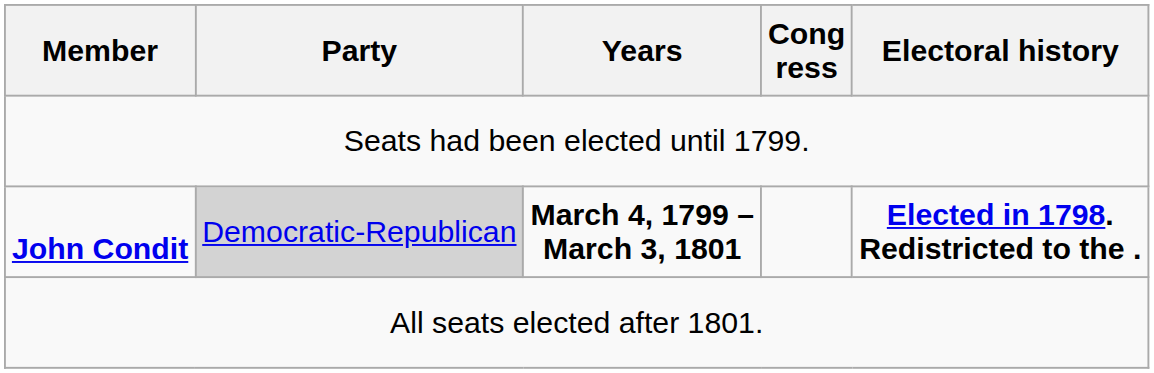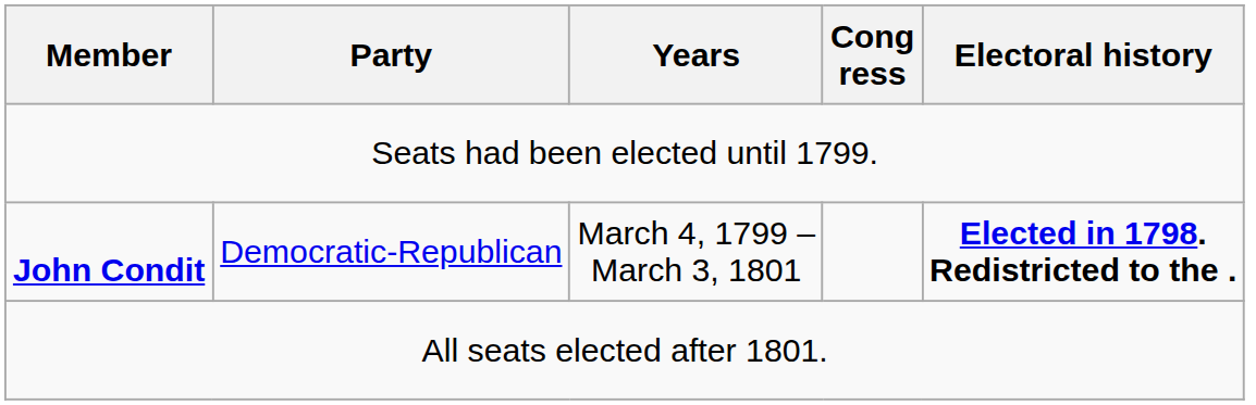 <table class=wikitable style="text-align:center">
 <tr style="height:3em">
 <th>Member<br></th>
 <th>Party</th>
 <th>Years</th>
 <th>Cong<br>ress</th>
 <th>Electoral history</th>
 </tr>
 <tr style="height:3em">
 <td colspan=5>Seats had been elected  until 1799.</td>
 </tr>
 <tr style="height:3em">
 <td align=left><br><strong><a href='#'>John Condit</a></strong><br></td>
-<td style="background: lightgrey;"><a href='#'>Democratic-Republican</a></td>
-<td nowrap><strong>March 4, 1799 –<br>March 3, 1801</strong></td>
+<td><a href='#'>Democratic-Republican</a></td>
+<td nowrap>March 4, 1799 –<br>March 3, 1801</td>
 <td></td>
 <td><strong><a href='#'>Elected in 1798</a>.<br>Redistricted to the .</strong></td>
 </tr>
 <tr style="height:3em">
 <td colspan=5>All seats elected  after 1801.</td>
 </tr>
 </table>
